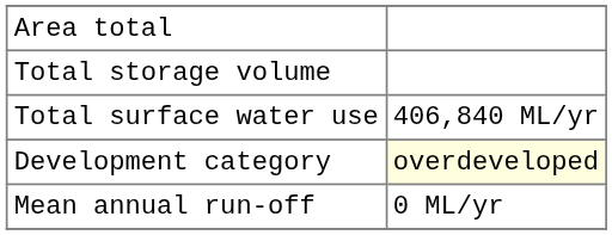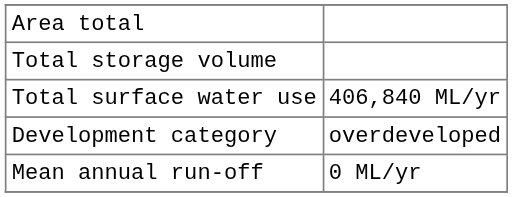 <table class="toccolours" border="1" cellpadding="3" style="border-collapse:collapse;margin:1em auto;">
 <tr bgcolor=#6495ED>
 </tr>
 <tr>
 <td>Area total</td>
 <td></td>
 </tr>
 <tr>
 <td>Total storage volume</td>
 <td></td>
 </tr>
 <tr>
 <td>Total surface water use</td>
 <td>406,840 ML/yr</td>
 </tr>
 <tr>
 <td>Development category</td>
-<td style="background: lightyellow;">overdeveloped</td>
+<td>overdeveloped</td>
 </tr>
 <tr>
 <td>Mean annual run-off</td>
 <td>0 ML/yr</td>
 </tr>
 <tr>
 </tr>
 </table>
